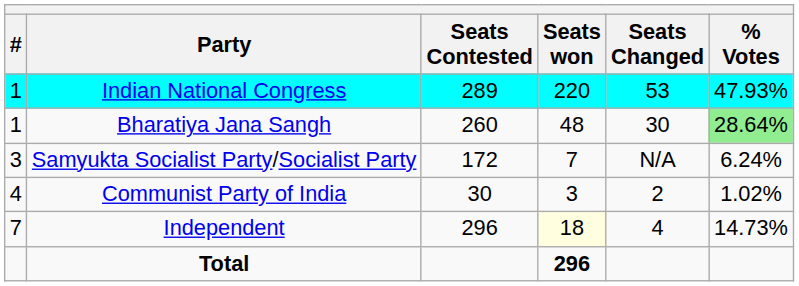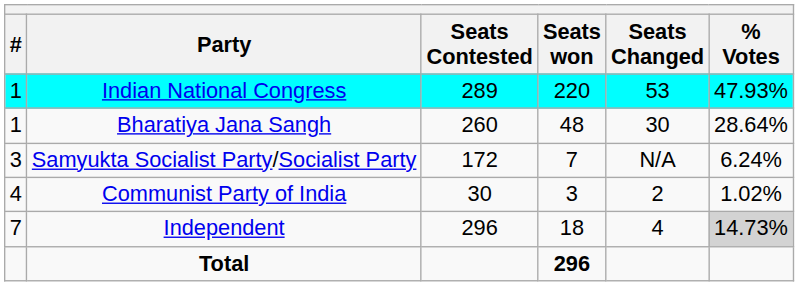 <table class="wikitable sortable" style="text-align:center;">
 <tr>
 <th colspan=10></th>
 </tr>
 <tr>
 <th>#</th>
 <th>Party</th>
 <th>Seats<br>Contested</th>
 <th>Seats<br>won</th>
 <th>Seats<br> Changed</th>
 <th>%<br>Votes</th>
 </tr>
 <tr style="background:cyan;">
 <td>1</td>
 <td><a href='#'>Indian National Congress</a></td>
 <td>289</td>
 <td>220</td>
 <td>53</td>
 <td>47.93%</td>
 </tr>
 <tr>
 <td>1</td>
 <td><a href='#'>Bharatiya Jana Sangh</a></td>
 <td>260</td>
 <td>48</td>
 <td>30</td>
-<td style="background: lightgreen;">28.64%</td>
+<td>28.64%</td>
 </tr>
 <tr>
 <td>3</td>
 <td><a href='#'>Samyukta Socialist Party</a>/<a href='#'>Socialist Party</a></td>
 <td>172</td>
 <td>7</td>
 <td>N/A</td>
 <td>6.24%</td>
 </tr>
 <tr>
 <td>4</td>
 <td><a href='#'>Communist Party of India</a></td>
 <td>30</td>
 <td>3</td>
 <td>2</td>
 <td>1.02%</td>
 </tr>
 <tr>
 <td>7</td>
 <td><a href='#'>Independent</a></td>
 <td>296</td>
-<td style="background: lightyellow;">18</td>
+<td>18</td>
 <td>4</td>
-<td>14.73%</td>
+<td style="background: lightgrey;">14.73%</td>
 </tr>
 <tr>
 <td></td>
 <td><strong>Total</strong></td>
 <td></td>
 <td><strong>296</strong></td>
 <td></td>
 <td></td>
 </tr>
 </table>
